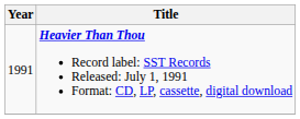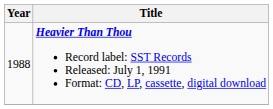 <table class="wikitable">
 <tr>
 <th>Year</th>
 <th>Title</th>
 </tr>
 <tr>
-<td>1991</td>
+<td>1988</td>
 <td><strong><em><a href='#'>Heavier Than Thou</a></em></strong><br><ul><li>Record label: <a href='#'>SST Records</a></li><li>Released: July 1, 1991</li><li>Format: <a href='#'>CD</a>, <a href='#'>LP</a>, <a href='#'>cassette</a>, <a href='#'>digital download</a></li></ul></td>
 </tr>
 <tr>
 </tr>
 </table>
